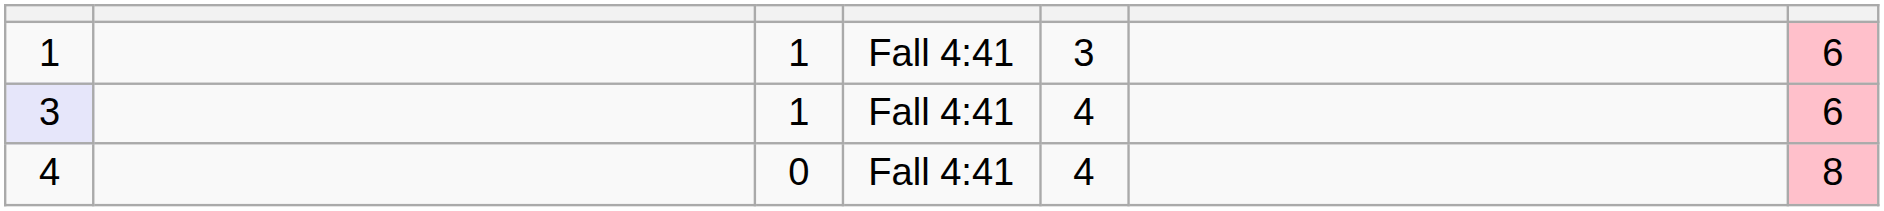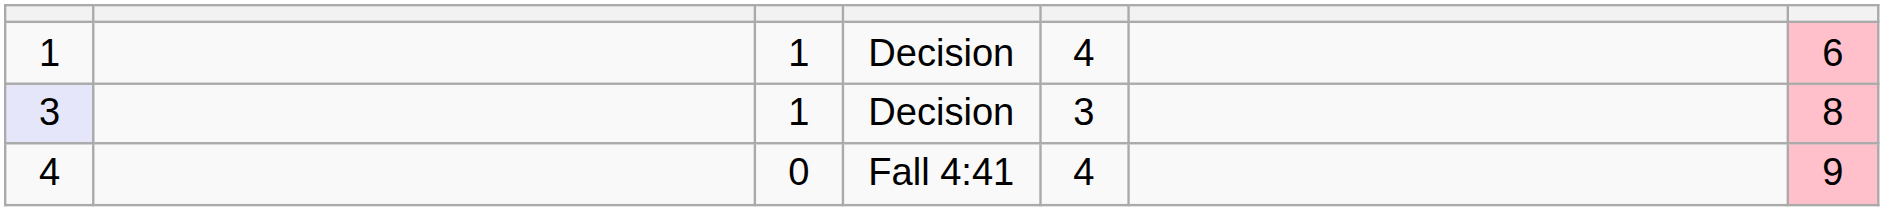 <table class="wikitable" style="text-align: center;">
 <tr>
 <th width=30></th>
 <th width=270></th>
 <th width=30></th>
 <th width=75></th>
 <th width=30></th>
 <th width=270></th>
 <th width=30></th>
 </tr>
 <tr>
 <td>1</td>
 <td align=left><strong></strong></td>
 <td>1</td>
-<td>Fall 4:41</td>
-<td>3</td>
+<td>Decision</td>
+<td>4</td>
 <td align=left></td>
 <td bgcolor=pink>6</td>
 </tr>
 <tr>
 <td style="background: lavender;">3</td>
 <td align=left><strong></strong></td>
 <td>1</td>
-<td>Fall 4:41</td>
-<td>4</td>
+<td>Decision</td>
+<td>3</td>
 <td align=left></td>
-<td bgcolor=pink>6</td>
+<td bgcolor=pink>8</td>
 </tr>
 <tr>
 <td>4</td>
 <td align=left><strong></strong></td>
 <td>0</td>
 <td>Fall 4:41</td>
 <td>4</td>
 <td align=left></td>
-<td bgcolor=pink>8</td>
+<td bgcolor=pink>9</td>
 </tr>
 </table>
